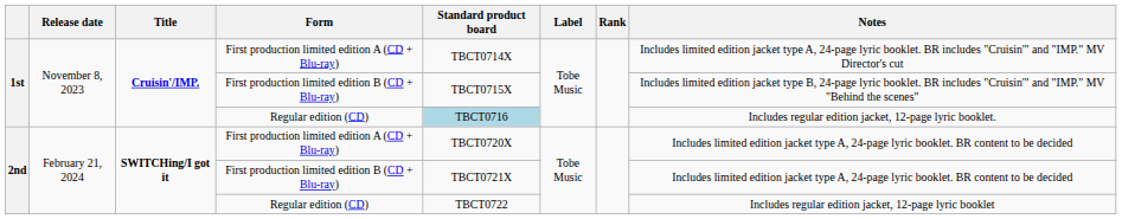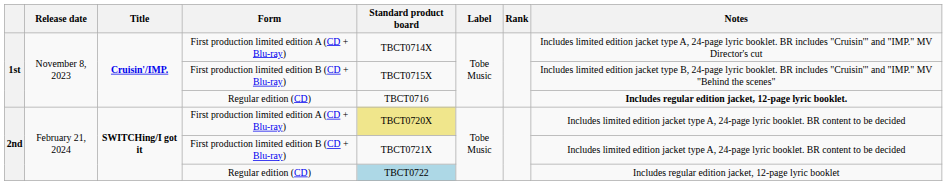 <table class="wikitable" style="font-size:small;text-align:center">
 <tr>
 <th> </th>
 <th>Release date</th>
 <th>Title</th>
 <th>Form</th>
 <th>Standard product board</th>
 <th>Label</th>
 <th>Rank</th>
 <th>Notes</th>
 </tr>
 <tr>
 <th rowspan="3">1st</th>
 <td rowspan="3">November 8, 2023</td>
 <td rowspan="3"><strong><a href='#'>Cruisin'/IMP.</a></strong></td>
 <td>First production limited edition A (<a href='#'>CD</a> + <a href='#'>Blu-ray</a>)</td>
 <td>TBCT0714X</td>
 <td rowspan="3">Tobe Music</td>
 <td rowspan="3"></td>
 <td>Includes limited edition jacket type A, 24-page lyric booklet. BR includes "Cruisin'" and "IMP." MV Director's cut</td>
 </tr>
 <tr>
 <td>First production limited edition B (<a href='#'>CD</a> + <a href='#'>Blu-ray</a>)</td>
 <td>TBCT0715X</td>
 <td>Includes limited edition jacket type B, 24-page lyric booklet. BR includes "Cruisin'" and "IMP." MV "Behind the scenes"</td>
 </tr>
 <tr>
 <td>Regular edition (<a href='#'>CD</a>)</td>
-<td style="background: lightblue;">TBCT0716</td>
-<td>Includes regular edition jacket, 12-page lyric booklet.</td>
+<td>TBCT0716</td>
+<td><strong>Includes regular edition jacket, 12-page lyric booklet.</strong></td>
 </tr>
 <tr>
 <th rowspan="3">2nd</th>
 <td rowspan="3">February 21, 2024</td>
 <td rowspan="3"><strong>SWITCHing/I got it</strong></td>
 <td>First production limited edition A (<a href='#'>CD</a> + <a href='#'>Blu-ray</a>)</td>
-<td>TBCT0720X</td>
+<td style="background: khaki;">TBCT0720X</td>
 <td rowspan="3">Tobe Music</td>
 <td rowspan="3"></td>
 <td>Includes limited edition jacket type A, 24-page lyric booklet. BR content to be decided</td>
 </tr>
 <tr>
 <td>First production limited edition B (<a href='#'>CD</a> + <a href='#'>Blu-ray</a>)</td>
 <td>TBCT0721X</td>
 <td>Includes limited edition jacket type A, 24-page lyric booklet. BR content to be decided</td>
 </tr>
 <tr>
 <td>Regular edition (<a href='#'>CD</a>)</td>
-<td>TBCT0722</td>
+<td style="background: lightblue;">TBCT0722</td>
 <td>Includes regular edition jacket, 12-page lyric booklet</td>
 </tr>
 </table>
